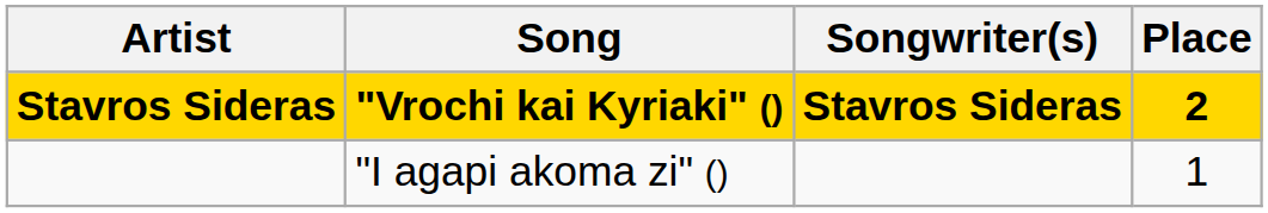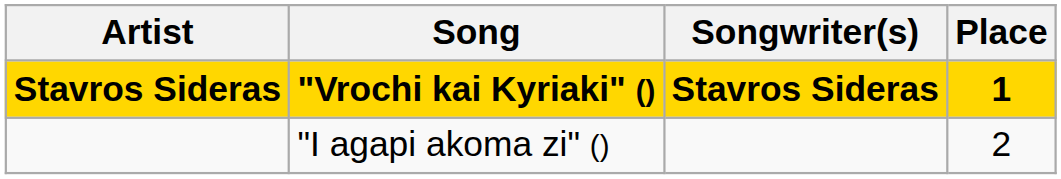 <table class="sortable wikitable" style="margin: 1em auto 1em auto; text-align:center">
 <tr>
 <th>Artist</th>
 <th>Song</th>
 <th>Songwriter(s)</th>
 <th>Place</th>
 </tr>
 <tr style="font-weight:bold; background:gold;">
 <td align="left">Stavros Sideras</td>
 <td align="left">"Vrochi kai Kyriaki" <small>()</small></td>
 <td align="left">Stavros Sideras</td>
-<td>2</td>
+<td>1</td>
 </tr>
 <tr>
 <td></td>
 <td align="left">"I agapi akoma zi" <small>()</small></td>
 <td></td>
-<td>1</td>
+<td>2</td>
 </tr>
 </table>
